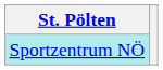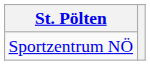 <table class="wikitable" style="text-align:center;">
 <tr>
 <th><a href='#'>St. Pölten</a></th>
 <th rowspan=2></th>
 </tr>
 <tr>
-<td style="background: paleturquoise;"><a href='#'>Sportzentrum NÖ</a></td>
+<td><a href='#'>Sportzentrum NÖ</a></td>
 </tr>
 </table>
